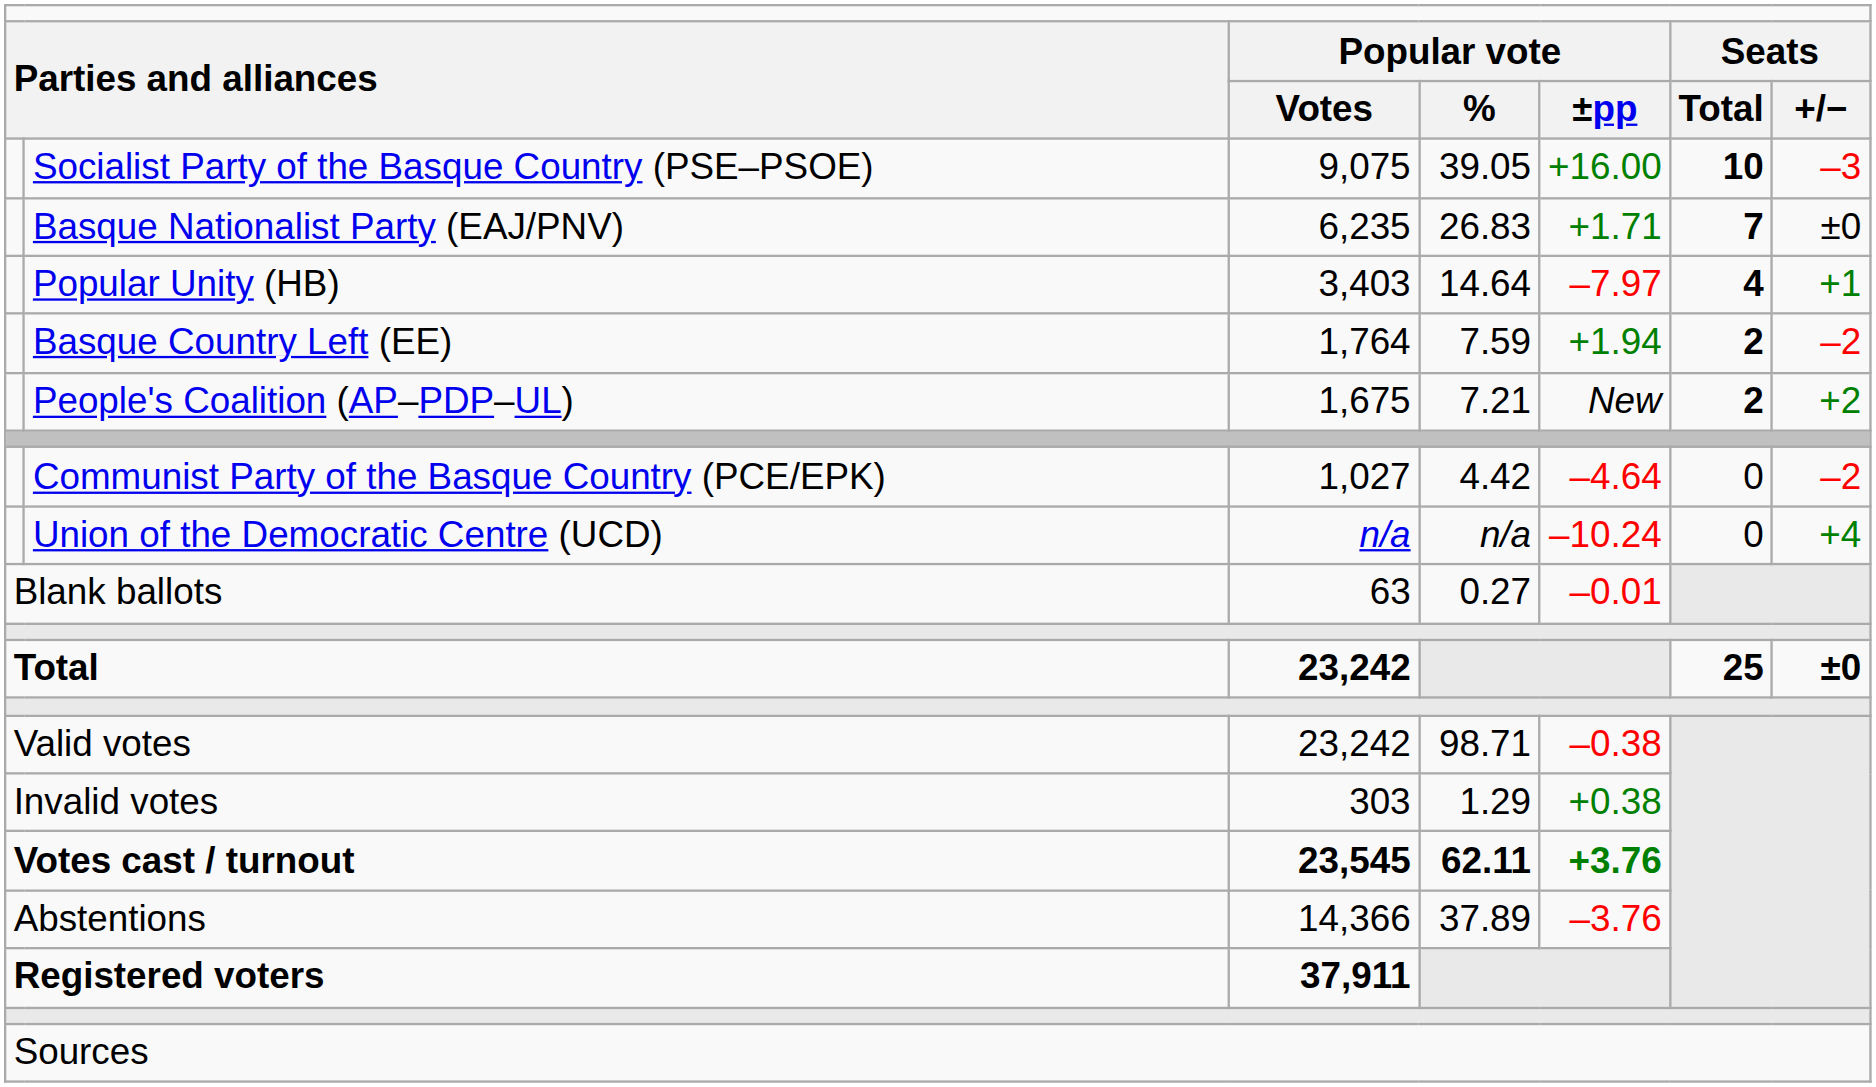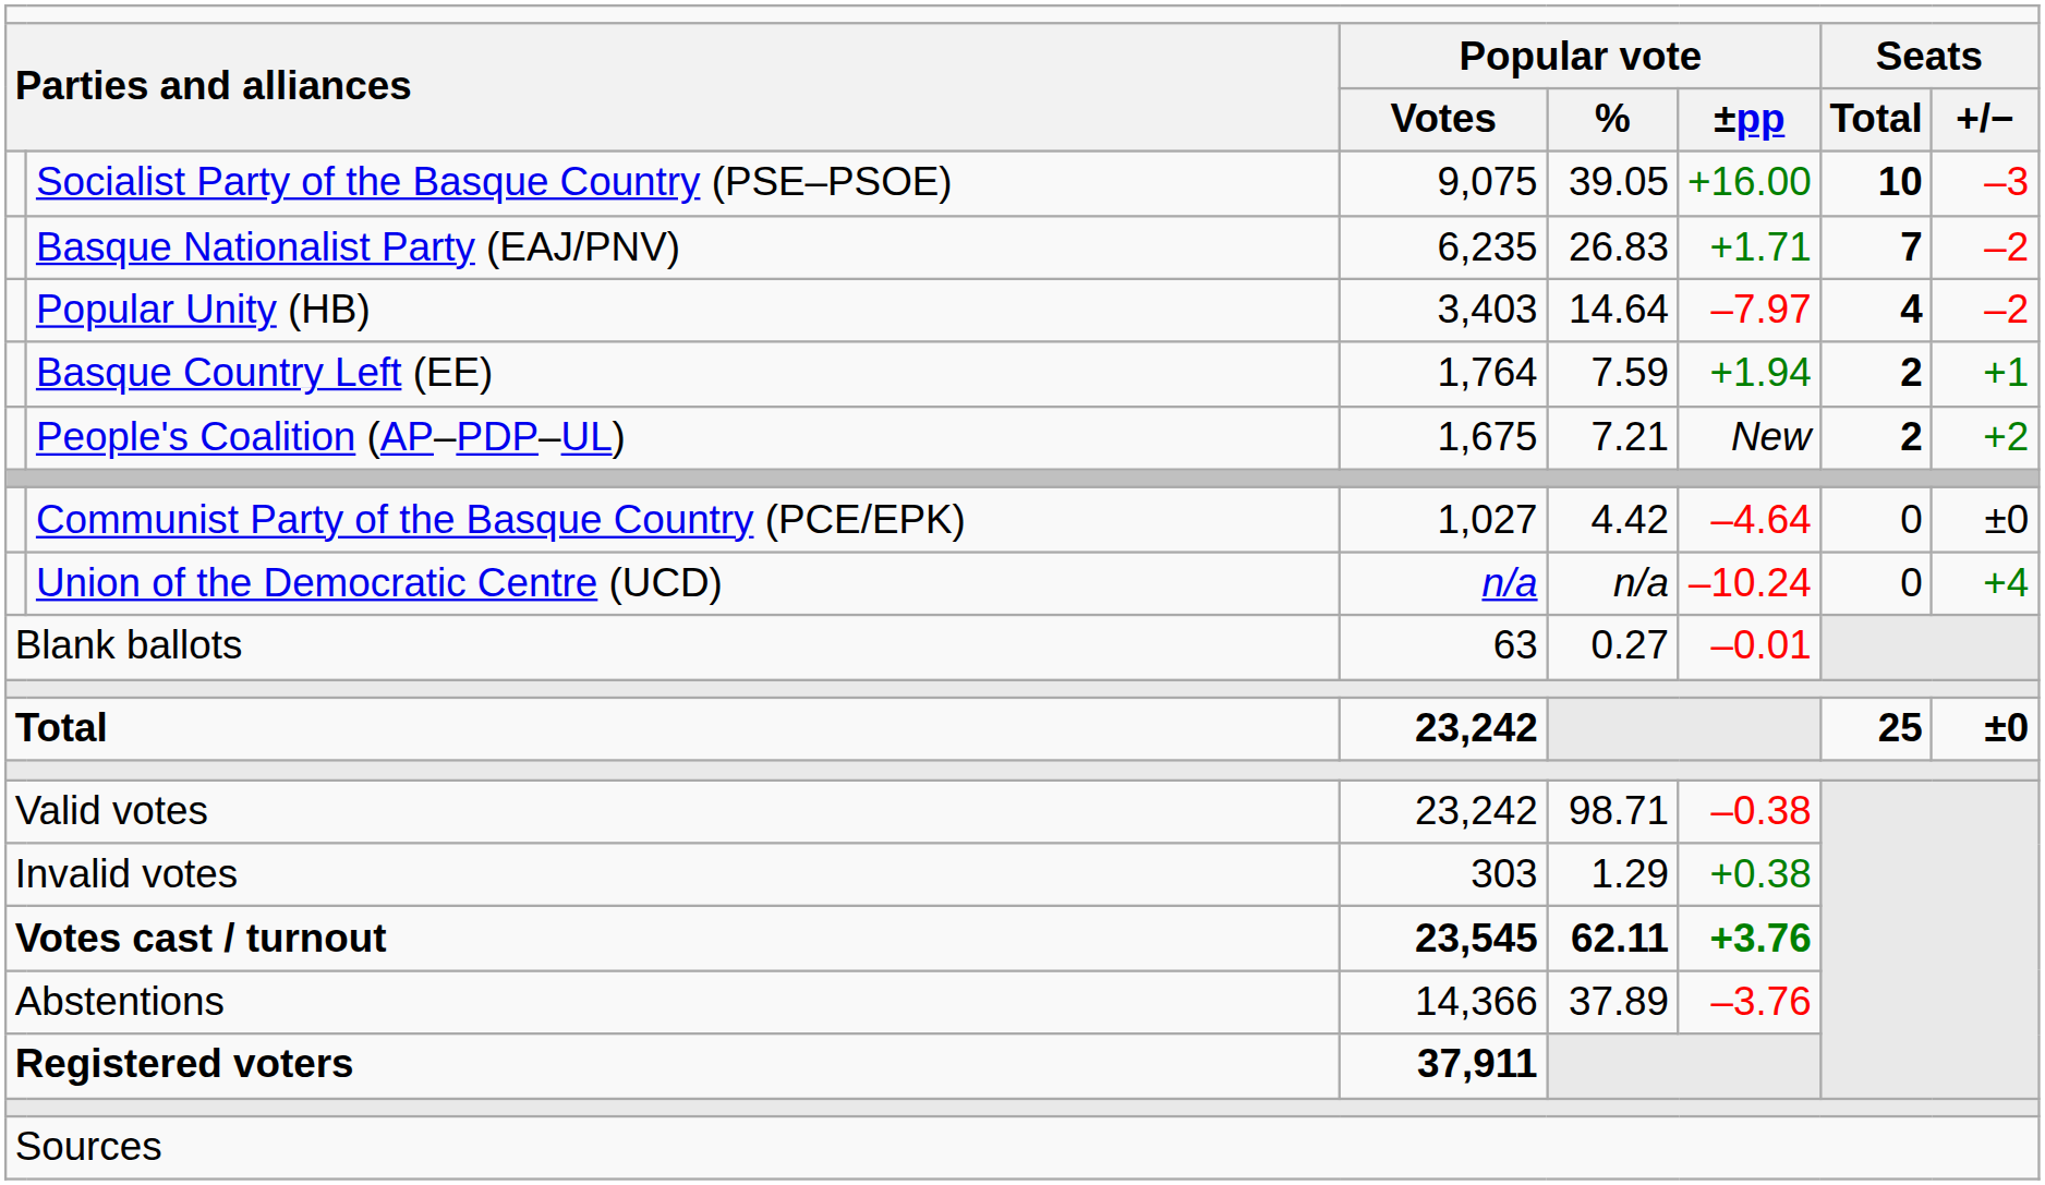 <table class="wikitable" style="text-align:right;">
 <tr>
 <td colspan="7"></td>
 </tr>
 <tr>
 <th style="text-align:left;" rowspan="2" colspan="2" width="525">Parties and alliances</th>
 <th colspan="3">Popular vote</th>
 <th colspan="2">Seats</th>
 </tr>
 <tr>
 <th width="75">Votes</th>
 <th width="45">%</th>
 <th width="45">±<a href='#'>pp</a></th>
 <th width="35">Total</th>
 <th width="35">+/−</th>
 </tr>
 <tr>
 <td width="1" style="color:inherit;background:"></td>
 <td align="left"><a href='#'>Socialist Party of the Basque Country</a> (PSE–PSOE)</td>
 <td>9,075</td>
 <td>39.05</td>
 <td style="color:green;">+16.00</td>
 <td><strong>10</strong></td>
 <td style="color:red;">–3</td>
 </tr>
 <tr>
 <td style="color:inherit;background:"></td>
 <td align="left"><a href='#'>Basque Nationalist Party</a> (EAJ/PNV)</td>
 <td>6,235</td>
 <td>26.83</td>
 <td style="color:green;">+1.71</td>
 <td><strong>7</strong></td>
-<td>±0</td>
+<td style="color:red;">–2</td>
 </tr>
 <tr>
 <td style="color:inherit;background:"></td>
 <td align="left"><a href='#'>Popular Unity</a> (HB)</td>
 <td>3,403</td>
 <td>14.64</td>
 <td style="color:red;">–7.97</td>
 <td><strong>4</strong></td>
-<td style="color:green;">+1</td>
+<td style="color:red;">–2</td>
 </tr>
 <tr>
 <td style="color:inherit;background:"></td>
 <td align="left"><a href='#'>Basque Country Left</a> (EE)</td>
 <td>1,764</td>
 <td>7.59</td>
 <td style="color:green;">+1.94</td>
 <td><strong>2</strong></td>
-<td style="color:red;">–2</td>
+<td style="color:green;">+1</td>
 </tr>
 <tr>
 <td style="color:inherit;background:"></td>
 <td align="left"><a href='#'>People's Coalition</a> (<a href='#'>AP</a>–<a href='#'>PDP</a>–<a href='#'>UL</a>)</td>
 <td>1,675</td>
 <td>7.21</td>
 <td><em>New</em></td>
 <td><strong>2</strong></td>
 <td style="color:green;">+2</td>
 </tr>
 <tr>
 <td colspan="7" bgcolor="#C0C0C0"></td>
 </tr>
 <tr>
 <td style="color:inherit;background:"></td>
 <td align="left"><a href='#'>Communist Party of the Basque Country</a> (PCE/EPK)</td>
 <td>1,027</td>
 <td>4.42</td>
 <td style="color:red;">–4.64</td>
 <td>0</td>
-<td style="color:red;">–2</td>
+<td>±0</td>
 </tr>
 <tr>
 <td style="color:inherit;background:"></td>
 <td align="left"><a href='#'>Union of the Democratic Centre</a> (UCD)</td>
 <td><em><a href='#'>n/a</a></em></td>
 <td><em>n/a</em></td>
 <td style="color:red;">–10.24</td>
 <td>0</td>
 <td style="color:green;">+4</td>
 </tr>
 <tr>
 <td align="left" colspan="2">Blank ballots</td>
 <td>63</td>
 <td>0.27</td>
 <td style="color:red;">–0.01</td>
 <td bgcolor="#E9E9E9" colspan="2"></td>
 </tr>
 <tr>
 <td colspan="7" bgcolor="#E9E9E9"></td>
 </tr>
 <tr style="font-weight:bold;">
 <td align="left" colspan="2">Total</td>
 <td>23,242</td>
 <td bgcolor="#E9E9E9" colspan="2"></td>
 <td>25</td>
 <td>±0</td>
 </tr>
 <tr>
 <td colspan="7" bgcolor="#E9E9E9"></td>
 </tr>
 <tr>
 <td align="left" colspan="2">Valid votes</td>
 <td>23,242</td>
 <td>98.71</td>
 <td style="color:red;">–0.38</td>
 <td bgcolor="#E9E9E9" colspan="2" rowspan="5"></td>
 </tr>
 <tr>
 <td align="left" colspan="2">Invalid votes</td>
 <td>303</td>
 <td>1.29</td>
 <td style="color:green;">+0.38</td>
 </tr>
 <tr style="font-weight:bold;">
 <td align="left" colspan="2">Votes cast / turnout</td>
 <td>23,545</td>
 <td>62.11</td>
 <td style="color:green;">+3.76</td>
 </tr>
 <tr>
 <td align="left" colspan="2">Abstentions</td>
 <td>14,366</td>
 <td>37.89</td>
 <td style="color:red;">–3.76</td>
 </tr>
 <tr style="font-weight:bold;">
 <td align="left" colspan="2">Registered voters</td>
 <td>37,911</td>
 <td bgcolor="#E9E9E9" colspan="2"></td>
 </tr>
 <tr>
 <td colspan="7" bgcolor="#E9E9E9"></td>
 </tr>
 <tr>
 <td align="left" colspan="7">Sources</td>
 </tr>
 </table>
